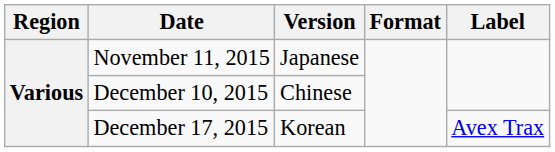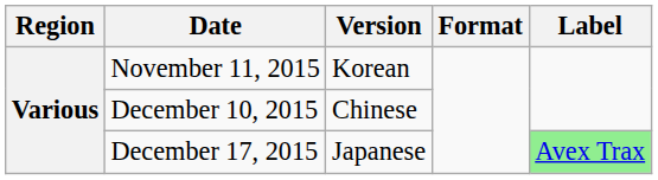 <table class="wikitable plainrowheaders">
 <tr>
 <th scope="col">Region</th>
 <th scope="col">Date</th>
 <th scope="col">Version</th>
 <th scope="col">Format</th>
 <th scope="col">Label</th>
 </tr>
 <tr>
 <th scope="row" rowspan="3">Various</th>
 <td>November 11, 2015</td>
-<td>Japanese</td>
+<td>Korean</td>
 <td rowspan="3"></td>
 <td rowspan="2"></td>
 </tr>
 <tr>
 <td>December 10, 2015</td>
 <td>Chinese</td>
 </tr>
 <tr>
 <td>December 17, 2015</td>
-<td>Korean</td>
-<td><a href='#'>Avex Trax</a></td>
+<td>Japanese</td>
+<td style="background: lightgreen;"><a href='#'>Avex Trax</a></td>
 </tr>
 </table>
